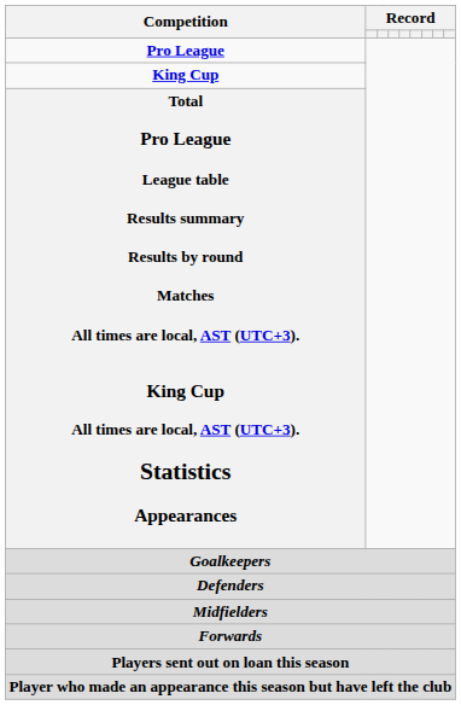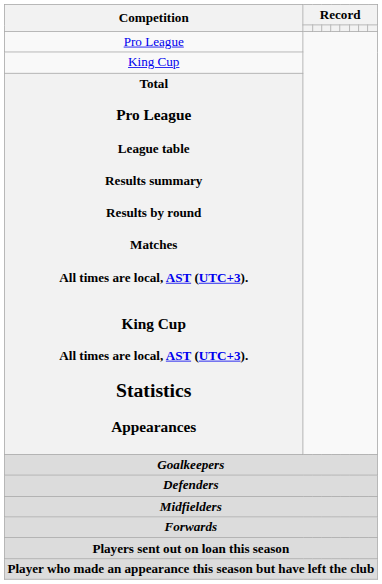 <table class="wikitable" style="text-align: center">
 <tr>
 <th rowspan=2>Competition</th>
 <th colspan=8>Record</th>
 </tr>
 <tr>
 <th></th>
 <th></th>
 <th></th>
 <th></th>
 <th></th>
 <th></th>
 <th></th>
 <th></th>
 </tr>
 <tr>
-<td><strong><a href='#'>Pro League</a><br></strong></td>
+<td><a href='#'>Pro League</a><br></td>
 </tr>
 <tr>
-<td><strong><a href='#'>King Cup</a><br></strong></td>
+<td><a href='#'>King Cup</a><br></td>
 </tr>
 <tr>
 <th>Total<br> <h3>Pro League</h3><h4>League table</h4><h4>Results summary</h4> <h4>Results by round</h4><h4>Matches</h4>All times are local, <a href='#'>AST</a> (<a href='#'>UTC+3</a>).<br>   <br>                                 <h3>King Cup</h3> All times are local, <a href='#'>AST</a> (<a href='#'>UTC+3</a>).<br>   <h2>Statistics</h2><h3>Appearances</h3></th>
 </tr>
 <tr>
 <th colspan=10 style=background:#dcdcdc; text-align:center><em>Goalkeepers</em><br>  </th>
 </tr>
 <tr>
 <th colspan=10 style=background:#dcdcdc; text-align:center><em>Defenders</em><br>         </th>
 </tr>
 <tr>
 <th colspan=10 style=background:#dcdcdc; text-align:center><em>Midfielders</em><br>           </th>
 </tr>
 <tr>
 <th colspan=10 style=background:#dcdcdc; text-align:center><em>Forwards</em><br> </th>
 </tr>
 <tr>
 <th colspan=16 style=background:#dcdcdc; text-align:center>Players sent out on loan this season<br>  </th>
 </tr>
 <tr>
 <th colspan=18 style=background:#dcdcdc; text-align:center>Player who made an appearance this season but have left the club<br></th>
 </tr>
 </table>
